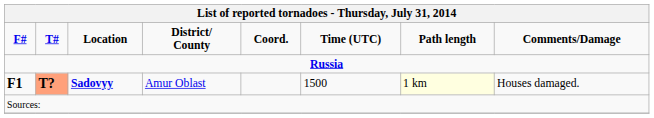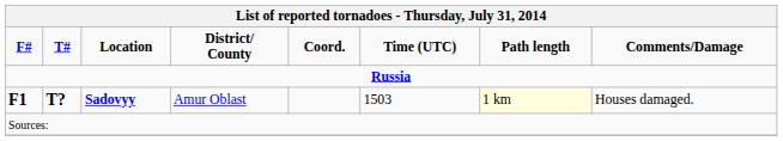 <table class="wikitable collapsible" width="100%">
 <tr>
 <th colspan="8">List of reported tornadoes - Thursday, July 31, 2014</th>
 </tr>
 <tr>
 <td style="text-align: center;"><strong><a href='#'>F#</a></strong></td>
 <td style="text-align: center;"><strong><a href='#'>T#</a></strong></td>
 <td style="text-align: center;"><strong>Location</strong></td>
 <td style="text-align: center;"><strong>District/<br>County</strong></td>
 <td style="text-align: center;"><strong>Coord.</strong></td>
 <td style="text-align: center;"><strong>Time (UTC)</strong></td>
 <td style="text-align: center;"><strong>Path length</strong></td>
 <td style="text-align: center;"><strong>Comments/Damage</strong></td>
 </tr>
 <tr>
 <td colspan="8" align=center><strong><a href='#'>Russia</a></strong></td>
 </tr>
 <tr>
 <td><big><strong>F1</strong></big></td>
-<td style="background: lightsalmon;"><big><strong>T?</strong></big></td>
+<td><big><strong>T?</strong></big></td>
 <td><strong><a href='#'>Sadovyy</a></strong></td>
 <td><a href='#'>Amur Oblast</a></td>
 <td></td>
-<td>1500</td>
+<td>1503</td>
 <td style="background: lightyellow;">1 km</td>
 <td>Houses damaged.</td>
 </tr>
 <tr>
 <td colspan="8"><small>Sources:</small></td>
 </tr>
 <tr>
 </tr>
 </table>
